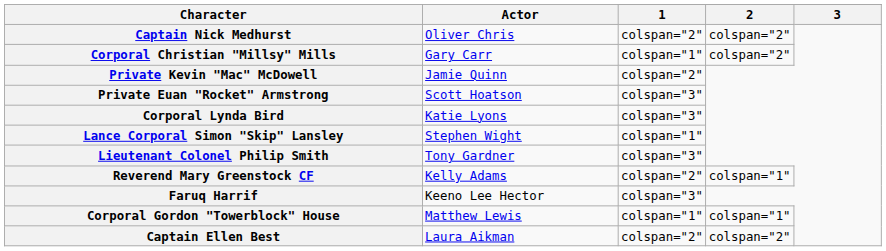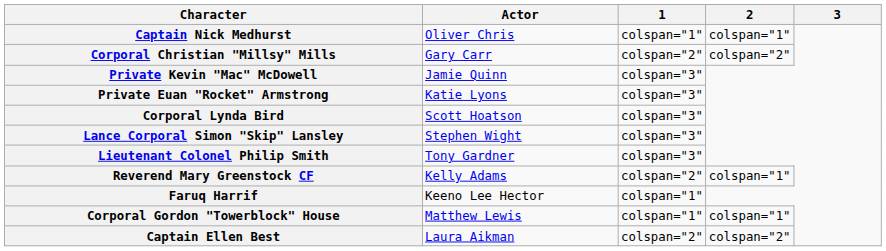 <table class="wikitable plainrowheaders" style="text-align:left;">
 <tr>
 <th scope="col" rowspan="2">Character</th>
 <th scope="col" rowspan="2">Actor</th>
 </tr>
 <tr>
 <th width="10%">1</th>
 <th width="10%">2</th>
 <th width="10%">3</th>
 </tr>
 <tr>
 <th scope="row"><a href='#'>Captain</a> Nick Medhurst</th>
 <td><a href='#'>Oliver Chris</a></td>
-<td>colspan="2" </td>
-<td>colspan="2" </td>
+<td>colspan="1" </td>
+<td>colspan="1" </td>
 </tr>
 <tr>
 <th scope="row"><a href='#'>Corporal</a> Christian "Millsy" Mills</th>
 <td><a href='#'>Gary Carr</a></td>
-<td>colspan="1" </td>
+<td>colspan="2" </td>
 <td>colspan="2" </td>
 </tr>
 <tr>
 <th scope="row"><a href='#'>Private</a> Kevin "Mac" McDowell</th>
 <td><a href='#'>Jamie Quinn</a></td>
-<td>colspan="2" </td>
+<td>colspan="3" </td>
 </tr>
 <tr>
 <th scope="row">Private Euan "Rocket" Armstrong</th>
-<td><a href='#'>Scott Hoatson</a></td>
+<td><a href='#'>Katie Lyons</a></td>
 <td>colspan="3" </td>
 </tr>
 <tr>
 <th scope="row">Corporal Lynda Bird</th>
-<td><a href='#'>Katie Lyons</a></td>
+<td><a href='#'>Scott Hoatson</a></td>
 <td>colspan="3" </td>
 </tr>
 <tr>
 <th scope="row"><a href='#'>Lance Corporal</a> Simon "Skip" Lansley</th>
 <td><a href='#'>Stephen Wight</a></td>
-<td>colspan="1" </td>
+<td>colspan="3" </td>
 </tr>
 <tr>
 <th scope="row"><a href='#'>Lieutenant Colonel</a> Philip Smith</th>
 <td><a href='#'>Tony Gardner</a></td>
 <td>colspan="3" </td>
 </tr>
 <tr>
 <th scope="row">Reverend Mary Greenstock <a href='#'>CF</a></th>
 <td><a href='#'>Kelly Adams</a></td>
 <td>colspan="2" </td>
 <td>colspan="1" </td>
 </tr>
 <tr>
 <th scope="row">Faruq Harrif</th>
 <td>Keeno Lee Hector</td>
-<td>colspan="3" </td>
+<td>colspan="1" </td>
 </tr>
 <tr>
 <th scope="row">Corporal Gordon "Towerblock" House</th>
 <td><a href='#'>Matthew Lewis</a></td>
 <td>colspan="1" </td>
 <td>colspan="1" </td>
 </tr>
 <tr>
 <th scope="row">Captain Ellen Best</th>
 <td><a href='#'>Laura Aikman</a></td>
 <td>colspan="2" </td>
 <td>colspan="2" </td>
 </tr>
 </table>
